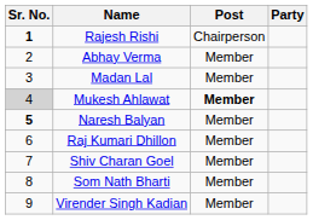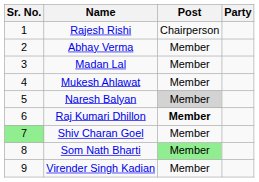 <table class="wikitable sortable">
 <tr>
 <th>Sr. No.</th>
 <th>Name</th>
 <th>Post</th>
 <th colspan="2">Party</th>
 </tr>
 <tr align="center">
-<td><strong>1</strong></td>
+<td>1</td>
 <td><a href='#'>Rajesh Rishi</a></td>
 <td>Chairperson</td>
 <td></td>
 </tr>
 <tr align="center">
 <td>2</td>
 <td><a href='#'>Abhay Verma</a></td>
 <td>Member</td>
 <td></td>
 </tr>
 <tr align="center">
 <td>3</td>
 <td><a href='#'>Madan Lal</a></td>
 <td>Member</td>
 <td></td>
 </tr>
 <tr align="center">
-<td style="background: lightgrey;">4</td>
+<td>4</td>
 <td><a href='#'>Mukesh Ahlawat</a></td>
-<td><strong>Member</strong></td>
+<td>Member</td>
 <td></td>
 </tr>
 <tr align="center">
-<td><strong>5</strong></td>
+<td>5</td>
 <td><a href='#'>Naresh Balyan</a></td>
-<td>Member</td>
+<td style="background: lightgrey;">Member</td>
 <td></td>
 </tr>
 <tr align="center">
 <td>6</td>
 <td><a href='#'>Raj Kumari Dhillon</a></td>
-<td>Member</td>
+<td><strong>Member</strong></td>
 <td></td>
 </tr>
 <tr align="center">
-<td>7</td>
+<td style="background: lightgreen;">7</td>
 <td><a href='#'>Shiv Charan Goel</a></td>
 <td>Member</td>
 <td></td>
 </tr>
 <tr align="center">
 <td>8</td>
 <td><a href='#'>Som Nath Bharti</a></td>
-<td>Member</td>
+<td style="background: lightgreen;">Member</td>
 <td></td>
 </tr>
 <tr align="center">
 <td>9</td>
 <td><a href='#'>Virender Singh Kadian</a></td>
 <td>Member</td>
 <td></td>
 </tr>
 </table>
